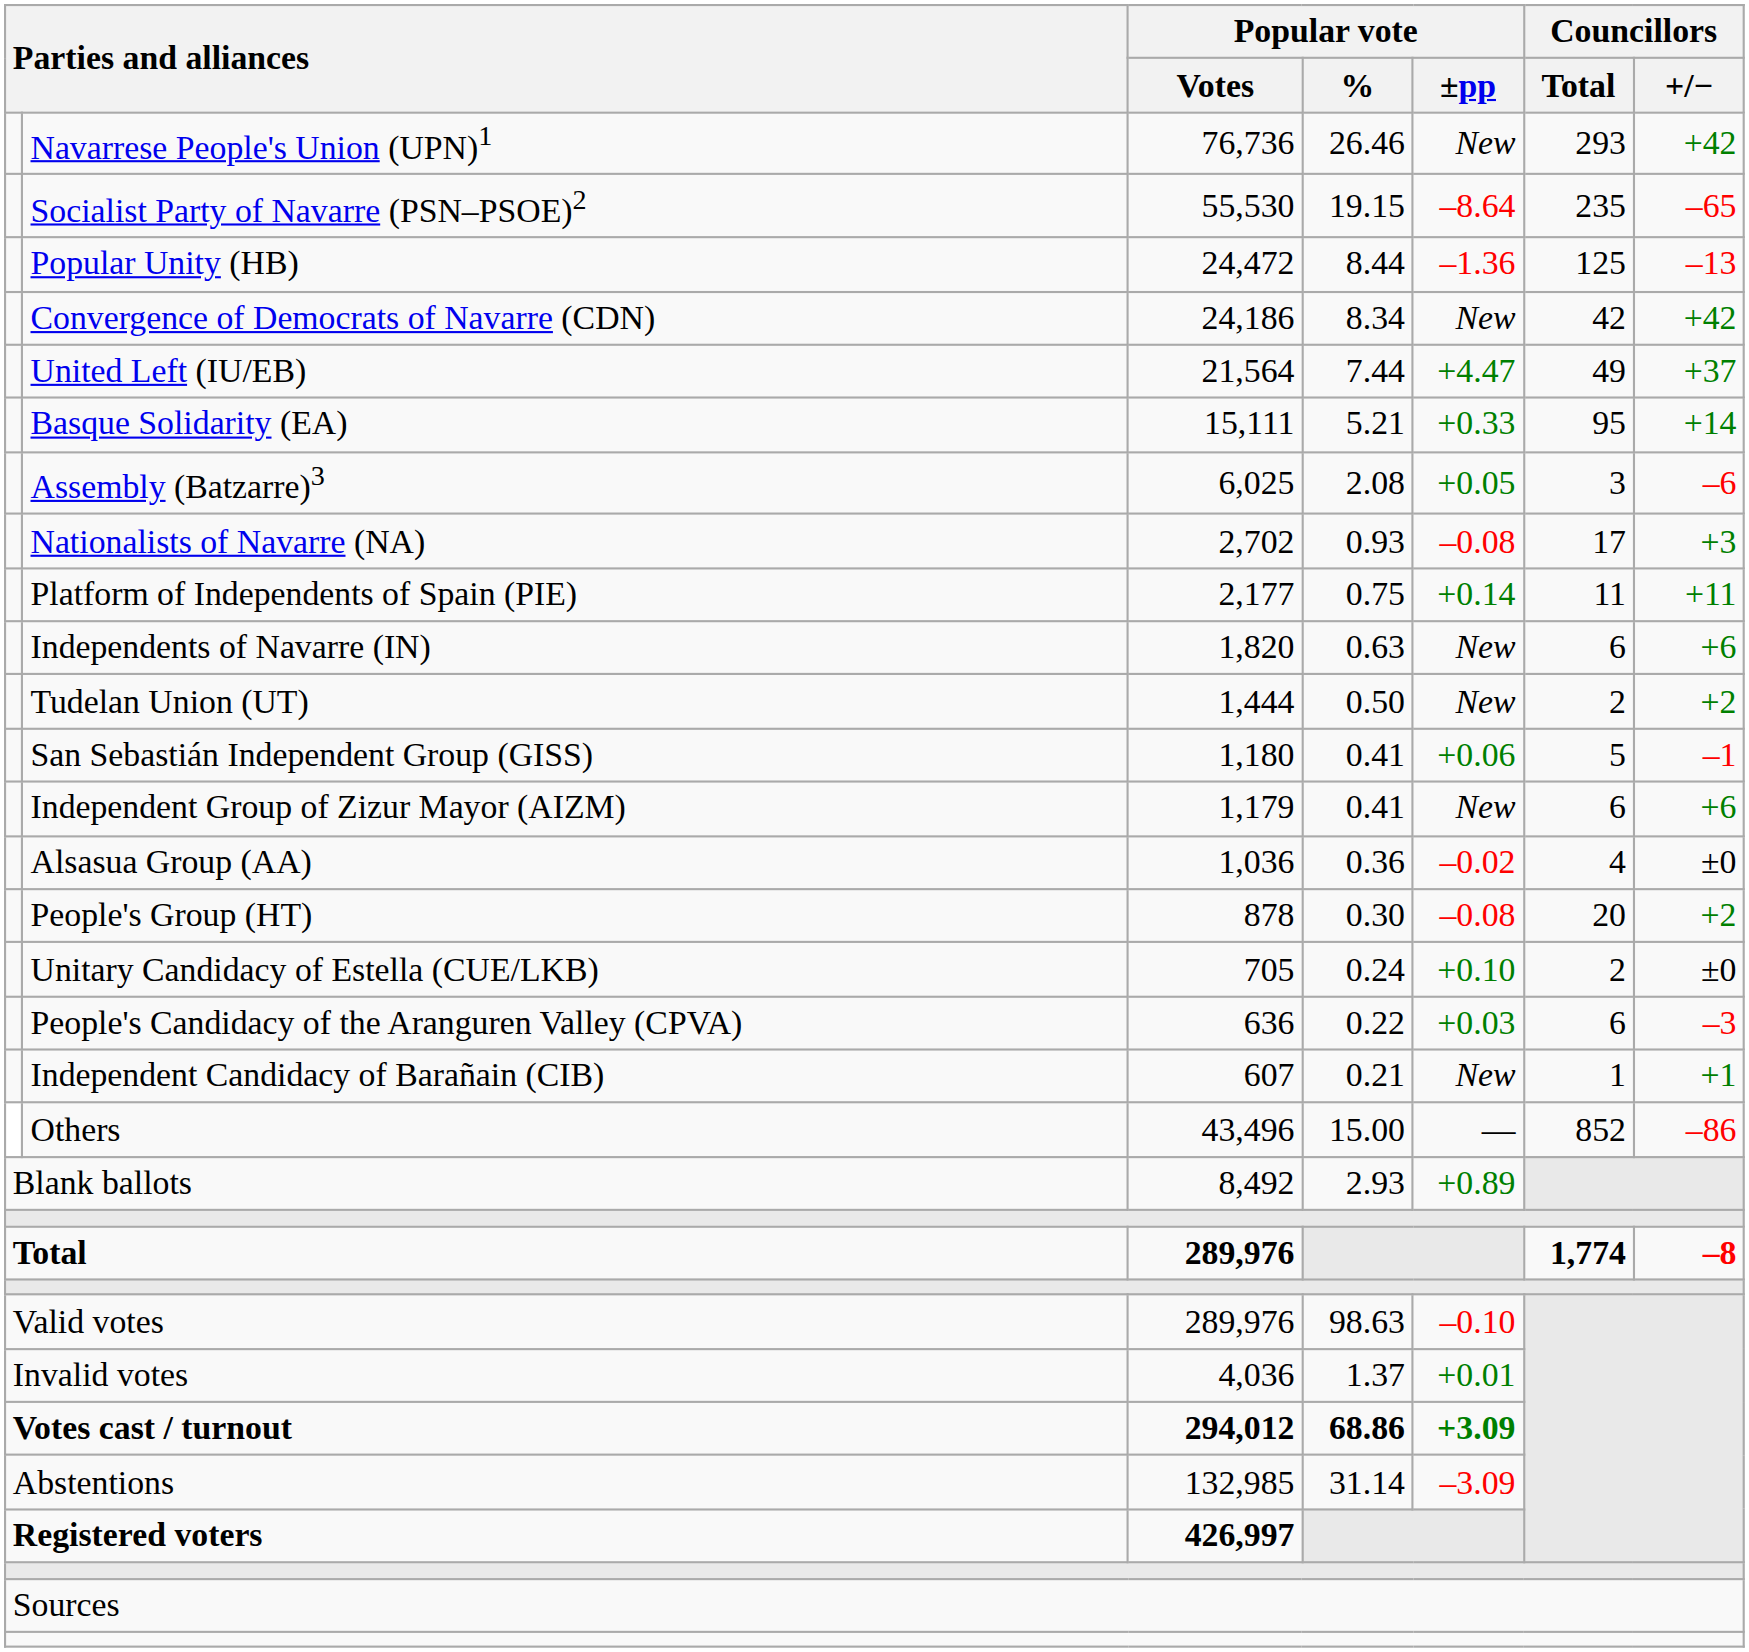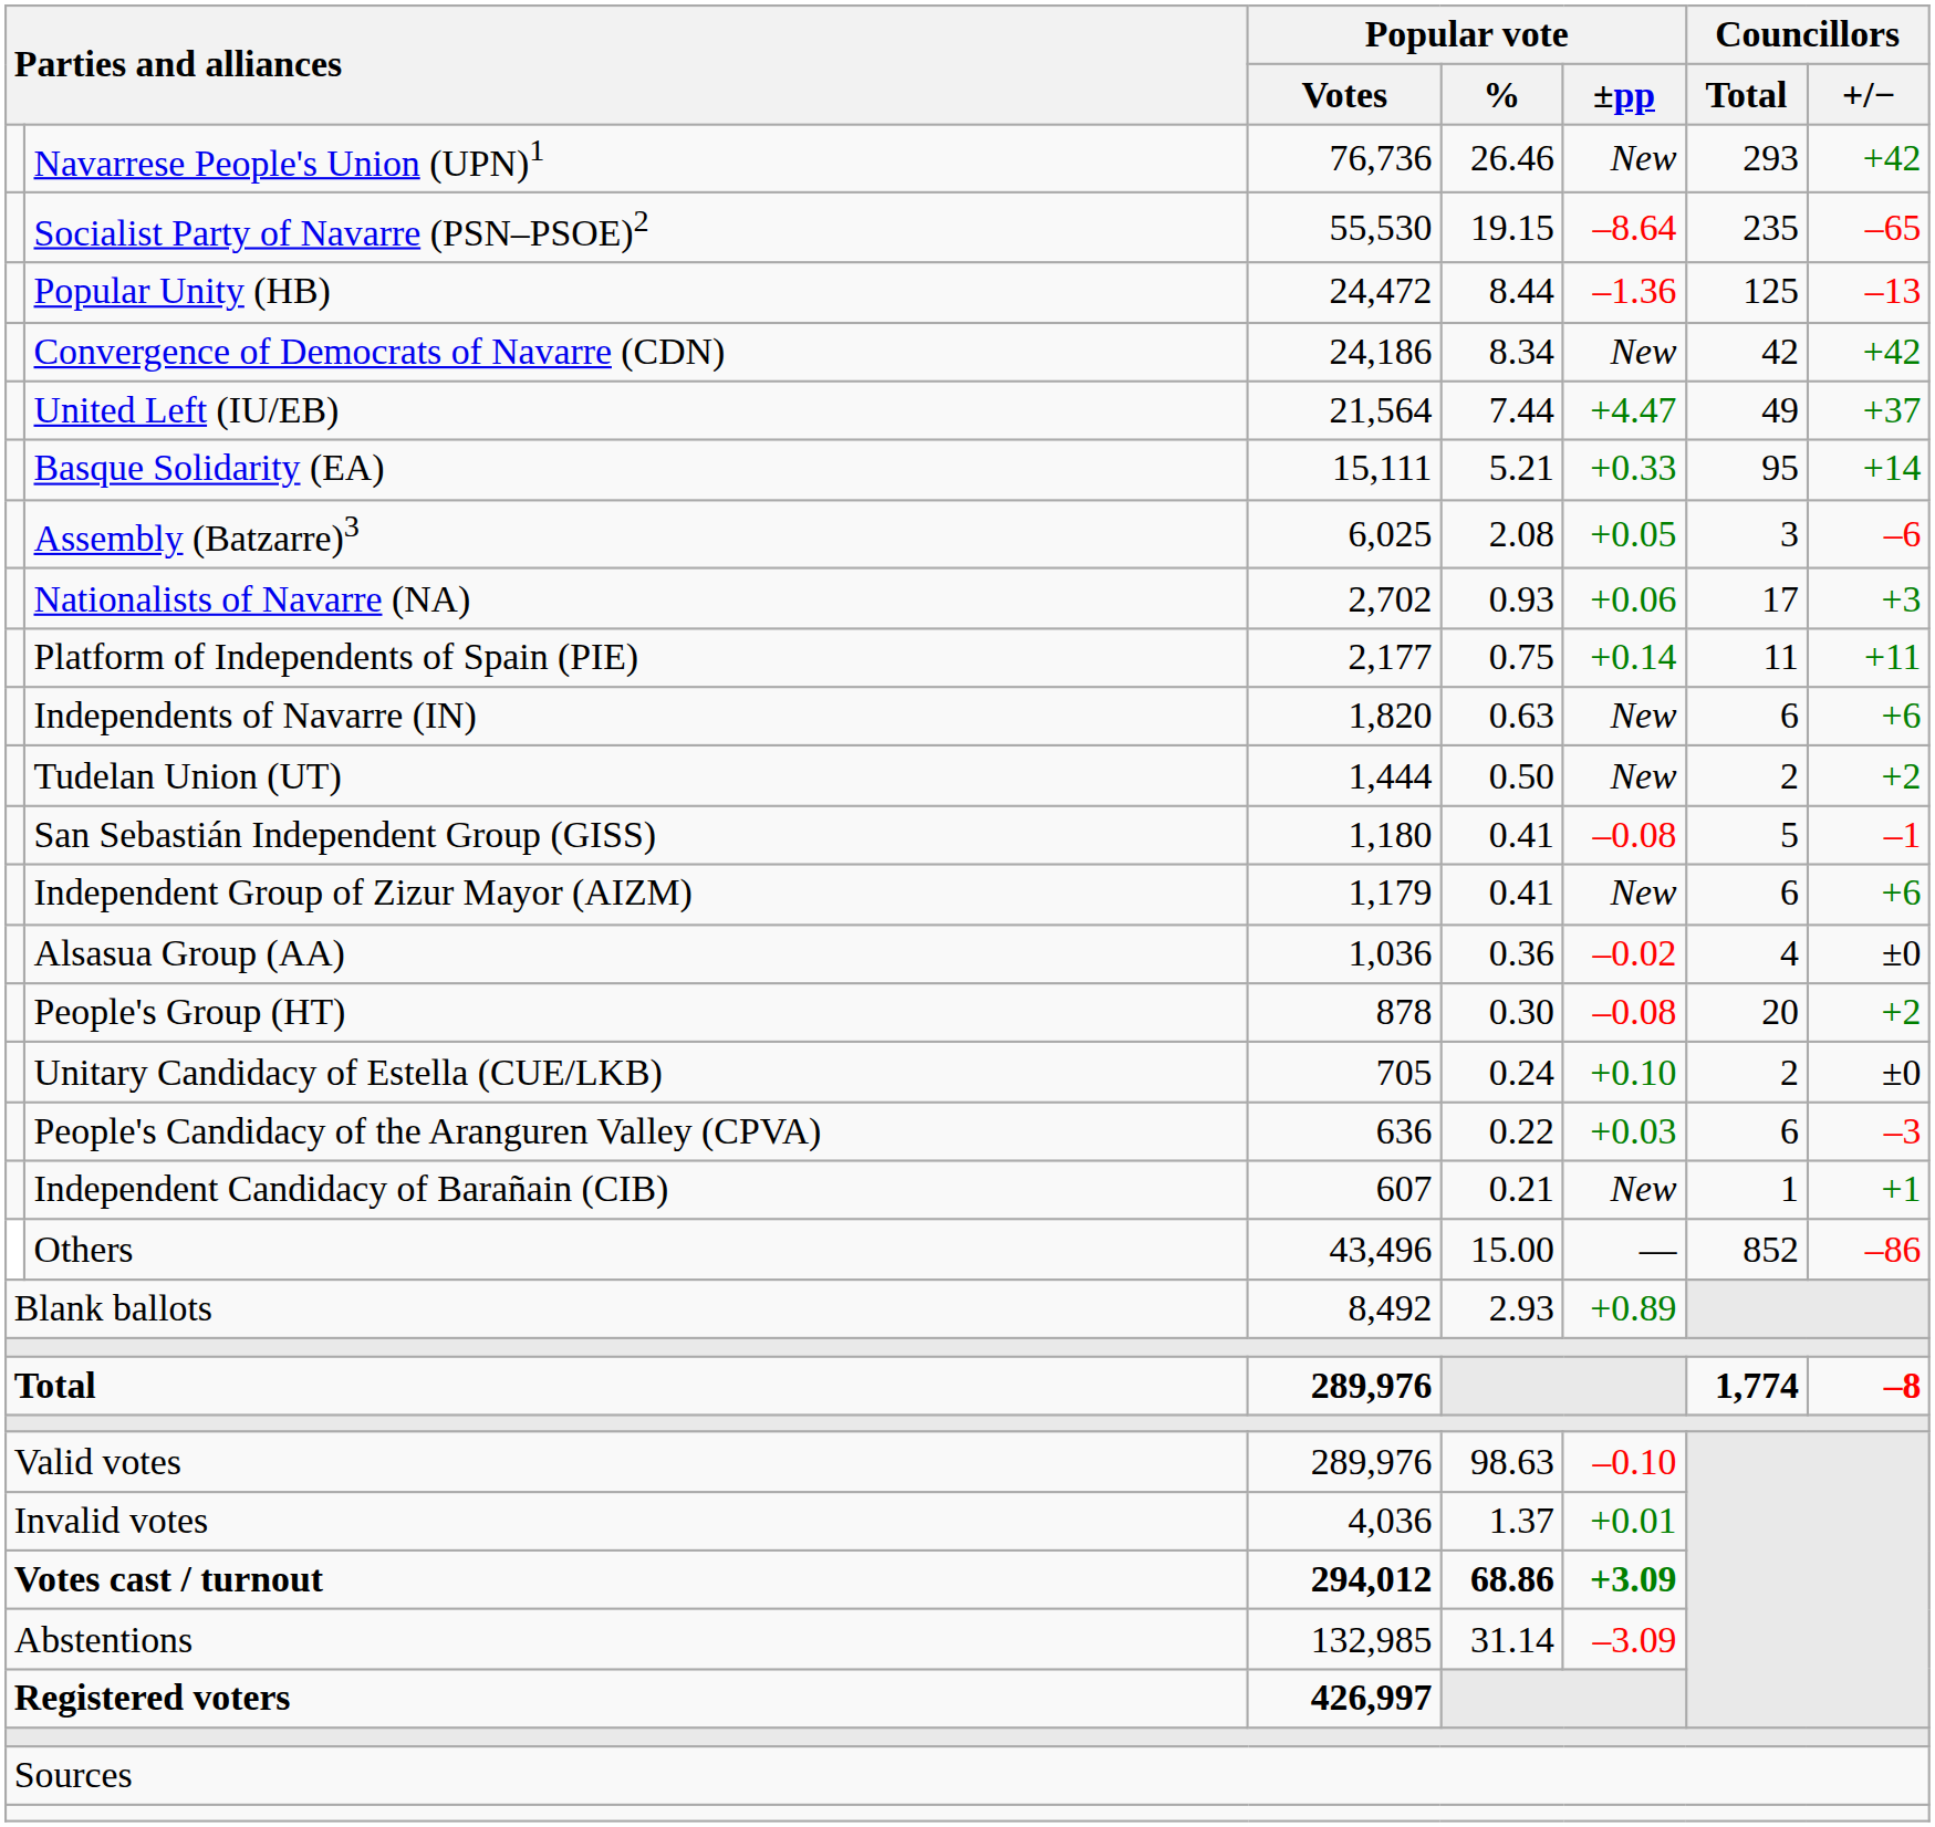 <table class="wikitable" style="text-align:right;">
 <tr>
 <th style="text-align:left;" rowspan="2" colspan="2" width="525">Parties and alliances</th>
 <th colspan="3">Popular vote</th>
 <th colspan="2">Councillors</th>
 </tr>
 <tr>
 <th width="75">Votes</th>
 <th width="45">%</th>
 <th width="45">±<a href='#'>pp</a></th>
 <th width="45">Total</th>
 <th width="45">+/−</th>
 </tr>
 <tr>
 <td width="1" style="color:inherit;background:"></td>
 <td align="left"><a href='#'>Navarrese People's Union</a> (UPN)<sup>1</sup></td>
 <td>76,736</td>
 <td>26.46</td>
 <td><em>New</em></td>
 <td>293</td>
 <td style="color:green;">+42</td>
 </tr>
 <tr>
 <td style="color:inherit;background:"></td>
 <td align="left"><a href='#'>Socialist Party of Navarre</a> (PSN–PSOE)<sup>2</sup></td>
 <td>55,530</td>
 <td>19.15</td>
 <td style="color:red;">–8.64</td>
 <td>235</td>
 <td style="color:red;">–65</td>
 </tr>
 <tr>
 <td style="color:inherit;background:"></td>
 <td align="left"><a href='#'>Popular Unity</a> (HB)</td>
 <td>24,472</td>
 <td>8.44</td>
 <td style="color:red;">–1.36</td>
 <td>125</td>
 <td style="color:red;">–13</td>
 </tr>
 <tr>
 <td style="color:inherit;background:"></td>
 <td align="left"><a href='#'>Convergence of Democrats of Navarre</a> (CDN)</td>
 <td>24,186</td>
 <td>8.34</td>
 <td><em>New</em></td>
 <td>42</td>
 <td style="color:green;">+42</td>
 </tr>
 <tr>
 <td style="color:inherit;background:"></td>
 <td align="left"><a href='#'>United Left</a> (IU/EB)</td>
 <td>21,564</td>
 <td>7.44</td>
 <td style="color:green;">+4.47</td>
 <td>49</td>
 <td style="color:green;">+37</td>
 </tr>
 <tr>
 <td style="color:inherit;background:"></td>
 <td align="left"><a href='#'>Basque Solidarity</a> (EA)</td>
 <td>15,111</td>
 <td>5.21</td>
 <td style="color:green;">+0.33</td>
 <td>95</td>
 <td style="color:green;">+14</td>
 </tr>
 <tr>
 <td style="color:inherit;background:"></td>
 <td align="left"><a href='#'>Assembly</a> (Batzarre)<sup>3</sup></td>
 <td>6,025</td>
 <td>2.08</td>
 <td style="color:green;">+0.05</td>
 <td>3</td>
 <td style="color:red;">–6</td>
 </tr>
 <tr>
 <td style="color:inherit;background:"></td>
 <td align="left"><a href='#'>Nationalists of Navarre</a> (NA)</td>
 <td>2,702</td>
 <td>0.93</td>
-<td style="color:red;">–0.08</td>
+<td style="color:green;">+0.06</td>
 <td>17</td>
 <td style="color:green;">+3</td>
 </tr>
 <tr>
 <td style="color:inherit;background:"></td>
 <td align="left">Platform of Independents of Spain (PIE)</td>
 <td>2,177</td>
 <td>0.75</td>
 <td style="color:green;">+0.14</td>
 <td>11</td>
 <td style="color:green;">+11</td>
 </tr>
 <tr>
 <td style="color:inherit;background:"></td>
 <td align="left">Independents of Navarre (IN)</td>
 <td>1,820</td>
 <td>0.63</td>
 <td><em>New</em></td>
 <td>6</td>
 <td style="color:green;">+6</td>
 </tr>
 <tr>
 <td style="color:inherit;background:"></td>
 <td align="left">Tudelan Union (UT)</td>
 <td>1,444</td>
 <td>0.50</td>
 <td><em>New</em></td>
 <td>2</td>
 <td style="color:green;">+2</td>
 </tr>
 <tr>
 <td style="color:inherit;background:"></td>
 <td align="left">San Sebastián Independent Group (GISS)</td>
 <td>1,180</td>
 <td>0.41</td>
-<td style="color:green;">+0.06</td>
+<td style="color:red;">–0.08</td>
 <td>5</td>
 <td style="color:red;">–1</td>
 </tr>
 <tr>
 <td style="color:inherit;background:"></td>
 <td align="left">Independent Group of Zizur Mayor (AIZM)</td>
 <td>1,179</td>
 <td>0.41</td>
 <td><em>New</em></td>
 <td>6</td>
 <td style="color:green;">+6</td>
 </tr>
 <tr>
 <td style="color:inherit;background:"></td>
 <td align="left">Alsasua Group (AA)</td>
 <td>1,036</td>
 <td>0.36</td>
 <td style="color:red;">–0.02</td>
 <td>4</td>
 <td>±0</td>
 </tr>
 <tr>
 <td style="color:inherit;background:"></td>
 <td align="left">People's Group (HT)</td>
 <td>878</td>
 <td>0.30</td>
 <td style="color:red;">–0.08</td>
 <td>20</td>
 <td style="color:green;">+2</td>
 </tr>
 <tr>
 <td style="color:inherit;background:"></td>
 <td align="left">Unitary Candidacy of Estella (CUE/LKB)</td>
 <td>705</td>
 <td>0.24</td>
 <td style="color:green;">+0.10</td>
 <td>2</td>
 <td>±0</td>
 </tr>
 <tr>
 <td style="color:inherit;background:"></td>
 <td align="left">People's Candidacy of the Aranguren Valley (CPVA)</td>
 <td>636</td>
 <td>0.22</td>
 <td style="color:green;">+0.03</td>
 <td>6</td>
 <td style="color:red;">–3</td>
 </tr>
 <tr>
 <td style="color:inherit;background:"></td>
 <td align="left">Independent Candidacy of Barañain (CIB)</td>
 <td>607</td>
 <td>0.21</td>
 <td><em>New</em></td>
 <td>1</td>
 <td style="color:green;">+1</td>
 </tr>
 <tr>
 <td bgcolor="white"></td>
 <td align="left">Others</td>
 <td>43,496</td>
 <td>15.00</td>
 <td>—</td>
 <td>852</td>
 <td style="color:red;">–86</td>
 </tr>
 <tr>
 <td align="left" colspan="2">Blank ballots</td>
 <td>8,492</td>
 <td>2.93</td>
 <td style="color:green;">+0.89</td>
 <td bgcolor="#E9E9E9" colspan="2"></td>
 </tr>
 <tr>
 <td colspan="7" bgcolor="#E9E9E9"></td>
 </tr>
 <tr style="font-weight:bold;">
 <td align="left" colspan="2">Total</td>
 <td>289,976</td>
 <td bgcolor="#E9E9E9" colspan="2"></td>
 <td>1,774</td>
 <td style="color:red;">–8</td>
 </tr>
 <tr>
 <td colspan="7" bgcolor="#E9E9E9"></td>
 </tr>
 <tr>
 <td align="left" colspan="2">Valid votes</td>
 <td>289,976</td>
 <td>98.63</td>
 <td style="color:red;">–0.10</td>
 <td bgcolor="#E9E9E9" colspan="2" rowspan="5"></td>
 </tr>
 <tr>
 <td align="left" colspan="2">Invalid votes</td>
 <td>4,036</td>
 <td>1.37</td>
 <td style="color:green;">+0.01</td>
 </tr>
 <tr style="font-weight:bold;">
 <td align="left" colspan="2">Votes cast / turnout</td>
 <td>294,012</td>
 <td>68.86</td>
 <td style="color:green;">+3.09</td>
 </tr>
 <tr>
 <td align="left" colspan="2">Abstentions</td>
 <td>132,985</td>
 <td>31.14</td>
 <td style="color:red;">–3.09</td>
 </tr>
 <tr style="font-weight:bold;">
 <td align="left" colspan="2">Registered voters</td>
 <td>426,997</td>
 <td bgcolor="#E9E9E9" colspan="2"></td>
 </tr>
 <tr>
 <td colspan="7" bgcolor="#E9E9E9"></td>
 </tr>
 <tr>
 <td align="left" colspan="7">Sources</td>
 </tr>
 <tr>
 <td colspan="7" style="text-align:left; max-width:790px;"></td>
 </tr>
 </table>
